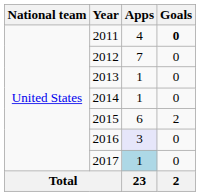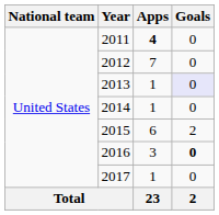 <table class="wikitable" style="text-align:center">
 <tr>
 <th>National team</th>
 <th>Year</th>
 <th>Apps</th>
 <th>Goals</th>
 </tr>
 <tr>
 <td rowspan="7"><a href='#'>United States</a></td>
 <td>2011</td>
-<td>4</td>
-<td><strong>0</strong></td>
+<td><strong>4</strong></td>
+<td>0</td>
 </tr>
 <tr>
 <td>2012</td>
 <td>7</td>
 <td>0</td>
 </tr>
 <tr>
 <td>2013</td>
 <td>1</td>
-<td>0</td>
+<td style="background: lavender;">0</td>
 </tr>
 <tr>
 <td>2014</td>
 <td>1</td>
 <td>0</td>
 </tr>
 <tr>
 <td>2015</td>
 <td>6</td>
 <td>2</td>
 </tr>
 <tr>
 <td>2016</td>
-<td style="background: lavender;">3</td>
-<td>0</td>
+<td>3</td>
+<td><strong>0</strong></td>
 </tr>
 <tr>
 <td>2017</td>
-<td style="background: lightblue;">1</td>
+<td>1</td>
 <td>0</td>
 </tr>
 <tr>
 <th colspan="2">Total</th>
 <th>23</th>
 <th>2</th>
 </tr>
 </table>
